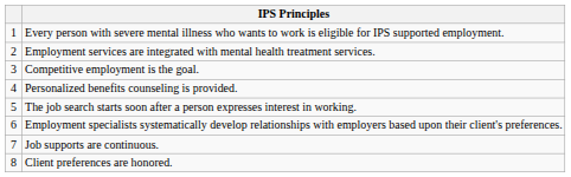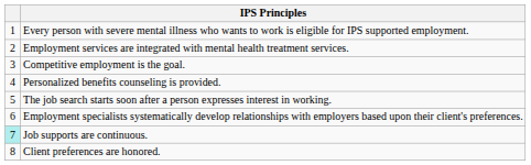 <table class="wikitable">
 <tr>
 <th></th>
 <th>IPS Principles</th>
 </tr>
 <tr>
 <td> 1 </td>
 <td>Every person with severe mental illness who wants to work is eligible for IPS supported employment.</td>
 </tr>
 <tr>
 <td> 2 </td>
 <td>Employment services are integrated with mental health treatment services.</td>
 </tr>
 <tr>
 <td> 3 </td>
 <td>Competitive employment is the goal.</td>
 </tr>
 <tr>
 <td> 4 </td>
 <td>Personalized benefits counseling is provided.</td>
 </tr>
 <tr>
 <td> 5 </td>
 <td>The job search starts soon after a person expresses interest in working.</td>
 </tr>
 <tr>
 <td> 6 </td>
 <td>Employment specialists systematically develop relationships with employers based upon their client's preferences.</td>
 </tr>
 <tr>
-<td> 7 </td>
+<td style="background: paleturquoise;"> 7 </td>
 <td>Job supports are continuous.</td>
 </tr>
 <tr>
 <td> 8 </td>
 <td>Client preferences are honored.</td>
 </tr>
 </table>
